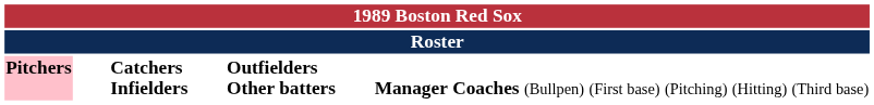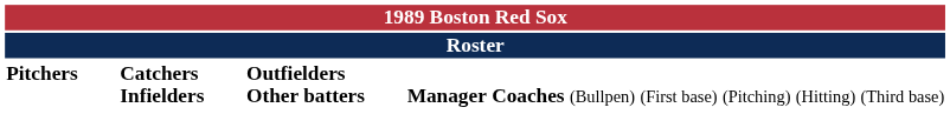 <table class="toccolours" style="text-align: left;">
 <tr>
 <th colspan="10" style="background-color: #ba313c; color: #FFFFFF; text-align: center;">1989 Boston Red Sox</th>
 </tr>
 <tr>
 <td colspan="10" style="background-color:#0d2b56; color: white; text-align: center;"><strong>Roster</strong></td>
 </tr>
 <tr>
-<td valign="top" style="background: pink;"><strong>Pitchers</strong><br>              </td>
+<td valign="top"><strong>Pitchers</strong><br>              </td>
 <td width="25px"></td>
 <td valign="top"><strong>Catchers</strong><br>   <strong>Infielders</strong>       </td>
 <td width="25px"></td>
 <td valign="top"><strong>Outfielders</strong><br>         <strong>Other batters</strong> </td>
 <td width="25px"></td>
 <td valign="top"><br><strong>Manager</strong>  <strong>Coaches</strong>  <small>(Bullpen)</small>  <small>(First base)</small>  <small>(Pitching)</small>  <small>(Hitting)</small>  <small>(Third base)</small></td>
 </tr>
 <tr>
 </tr>
 </table>
